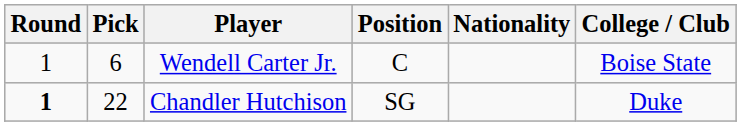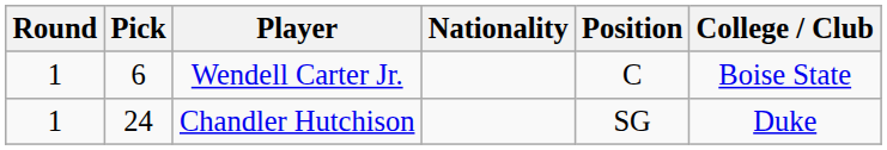 <table class="wikitable sortable sortable">
 <tr>
 <th>Round</th>
 <th>Pick</th>
 <th>Player</th>
+<th>Nationality</th>
 <th>Position</th>
-<th>Nationality</th>
 <th>College / Club</th>
 </tr>
 <tr style="text-align: center">
 <td>1</td>
 <td>6</td>
 <td><a href='#'>Wendell Carter Jr.</a></td>
+<td></td>
 <td>C</td>
-<td></td>
 <td><a href='#'>Boise State</a></td>
 </tr>
 <tr style="text-align: center">
-<td><strong>1</strong></td>
-<td>22</td>
+<td>1</td>
+<td>24</td>
 <td><a href='#'>Chandler Hutchison</a></td>
+<td></td>
 <td>SG</td>
-<td></td>
 <td><a href='#'>Duke</a></td>
 </tr>
 </table>
